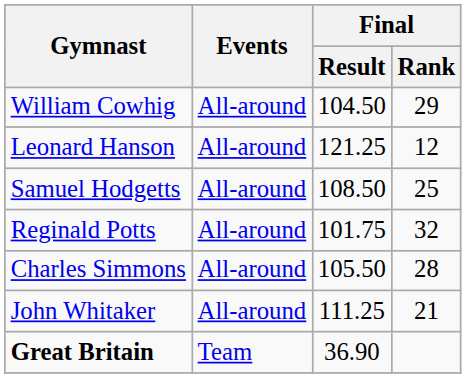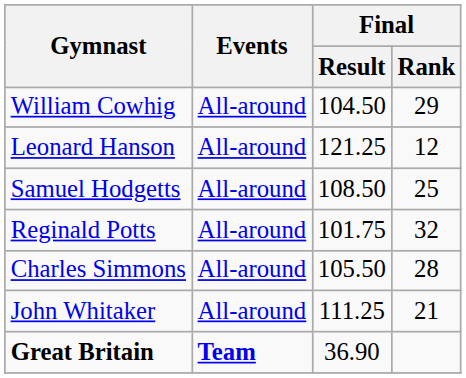 <table class=wikitable style="font-size:90%">
 <tr>
 <th rowspan="2">Gymnast</th>
 <th rowspan="2">Events</th>
 <th colspan="2">Final</th>
 </tr>
 <tr>
 <th>Result</th>
 <th>Rank</th>
 </tr>
 <tr>
 <td><a href='#'>William Cowhig</a></td>
 <td><a href='#'>All-around</a></td>
 <td align=center>104.50</td>
 <td align=center>29</td>
 </tr>
 <tr>
 <td><a href='#'>Leonard Hanson</a></td>
 <td><a href='#'>All-around</a></td>
 <td align=center>121.25</td>
 <td align=center>12</td>
 </tr>
 <tr>
 <td><a href='#'>Samuel Hodgetts</a></td>
 <td><a href='#'>All-around</a></td>
 <td align=center>108.50</td>
 <td align=center>25</td>
 </tr>
 <tr>
 <td><a href='#'>Reginald Potts</a></td>
 <td><a href='#'>All-around</a></td>
 <td align=center>101.75</td>
 <td align=center>32</td>
 </tr>
 <tr>
 <td><a href='#'>Charles Simmons</a></td>
 <td><a href='#'>All-around</a></td>
 <td align=center>105.50</td>
 <td align=center>28</td>
 </tr>
 <tr>
 <td><a href='#'>John Whitaker</a></td>
 <td><a href='#'>All-around</a></td>
 <td align=center>111.25</td>
 <td align=center>21</td>
 </tr>
 <tr>
 <td><strong>Great Britain</strong></td>
-<td><a href='#'>Team</a></td>
+<td><strong><a href='#'>Team</a></strong></td>
 <td align=center>36.90</td>
 <td align=center></td>
 </tr>
 </table>
